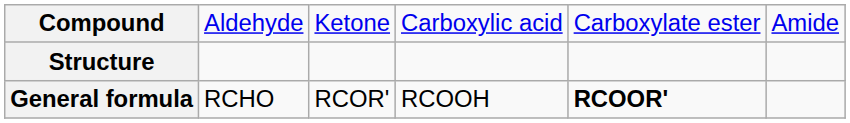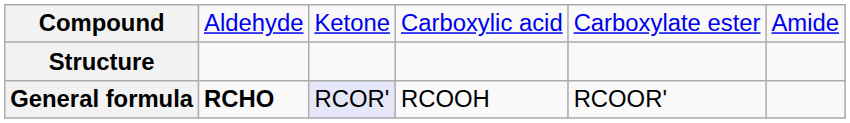 <table class=wikitable>
 <tr>
 <th align="center"><strong>Compound</strong></th>
 <td><a href='#'>Aldehyde</a></td>
 <td><a href='#'>Ketone</a></td>
 <td><a href='#'>Carboxylic acid</a></td>
 <td><a href='#'>Carboxylate ester</a></td>
 <td><a href='#'>Amide</a></td>
 </tr>
 <tr>
 <th align="center"><strong>Structure</strong></th>
 <td></td>
 <td></td>
 <td></td>
 <td></td>
 <td></td>
 </tr>
 <tr>
 <th align="center"><strong>General formula</strong></th>
-<td>RCHO</td>
-<td>RCOR'</td>
+<td><strong>RCHO</strong></td>
+<td style="background: lavender;">RCOR'</td>
 <td>RCOOH</td>
-<td><strong>RCOOR'</strong></td>
+<td>RCOOR'</td>
 <td></td>
 </tr>
 </table>
